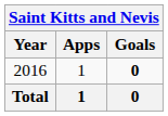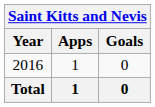 <table class="wikitable" style="text-align:center">
 <tr>
 <th colspan=3><a href='#'>Saint Kitts and Nevis</a></th>
 </tr>
 <tr>
 <th>Year</th>
 <th>Apps</th>
 <th>Goals</th>
 </tr>
 <tr>
 <td>2016</td>
 <td>1</td>
-<td><strong>0</strong></td>
+<td>0</td>
 </tr>
 <tr>
 <th>Total</th>
 <th>1</th>
 <th>0</th>
 </tr>
 </table>
